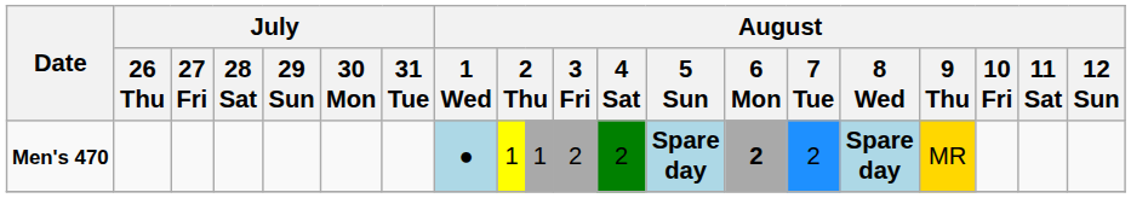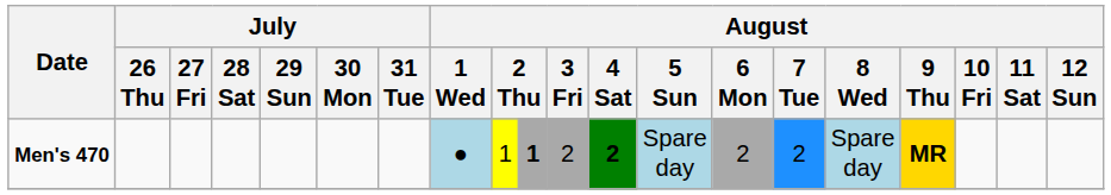 <table class="wikitable" style="margin:0.5em auto; font-size:90%; line-height:1.25em;">
 <tr>
 <th rowspan=2>Date</th>
 <th colspan=6>July</th>
 <th colspan=13>August</th>
 </tr>
 <tr>
 <th>26<br>Thu</th>
 <th>27<br>Fri</th>
 <th>28<br>Sat</th>
 <th>29<br>Sun</th>
 <th>30<br>Mon</th>
 <th>31<br>Tue</th>
 <th>1<br>Wed</th>
 <th colspan=2>2<br>Thu</th>
 <th>3<br>Fri</th>
 <th>4<br>Sat</th>
 <th>5<br>Sun</th>
 <th>6<br>Mon</th>
 <th>7<br>Tue</th>
 <th>8<br>Wed</th>
 <th>9<br>Thu</th>
 <th>10<br>Fri</th>
 <th>11<br>Sat</th>
 <th>12<br>Sun</th>
 </tr>
 <tr align="center">
 <td align="right"><small><strong>Men's 470</strong></small></td>
 <td></td>
 <td></td>
 <td></td>
 <td></td>
 <td></td>
 <td></td>
 <td bgcolor=LightBlue><span> ● </span></td>
 <td bgcolor=Yellow><span> 1 </span></td>
-<td bgcolor=DarkGrey><span> 1 </span></td>
+<td bgcolor=DarkGrey><strong><span> 1 </span></strong></td>
 <td bgcolor=DarkGrey><span> 2 </span></td>
-<td bgcolor=Green><span> 2 </span></td>
-<td bgcolor=LightBlue><strong><span> Spare<br>day </span></strong></td>
-<td bgcolor=DarkGrey><strong><span> 2 </span></strong></td>
+<td bgcolor=Green><strong><span> 2 </span></strong></td>
+<td bgcolor=LightBlue><span> Spare<br>day </span></td>
+<td bgcolor=DarkGrey><span> 2 </span></td>
 <td bgcolor=DodgerBlue><span> 2 </span></td>
-<td bgcolor=LightBlue><strong><span> Spare<br>day </span></strong></td>
-<td bgcolor=Gold><span> MR </span></td>
+<td bgcolor=LightBlue><span> Spare<br>day </span></td>
+<td bgcolor=Gold><strong><span> MR </span></strong></td>
 <td></td>
 <td></td>
 <td></td>
 </tr>
 <tr>
 </tr>
 </table>
